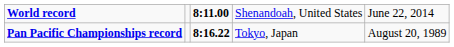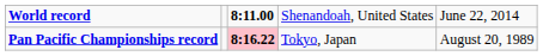 <table class="wikitable">
 <tr>
 <td><strong><a href='#'>World record</a></strong></td>
 <td></td>
 <td><strong>8:11.00</strong></td>
 <td><a href='#'>Shenandoah</a>, United States</td>
 <td>June 22, 2014</td>
 </tr>
 <tr>
 <td><strong><a href='#'>Pan Pacific Championships record</a></strong></td>
 <td></td>
-<td><strong>8:16.22</strong></td>
+<td style="background: pink;"><strong>8:16.22</strong></td>
 <td><a href='#'>Tokyo</a>, Japan</td>
 <td>August 20, 1989</td>
 </tr>
 </table>
